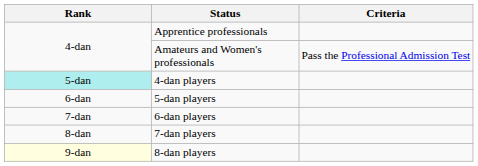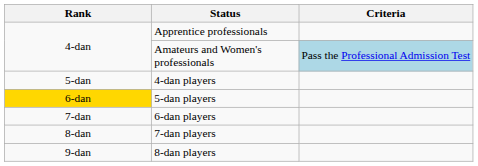 <table class="wikitable">
 <tr>
 <th scope="col" style="width: 200px;">Rank</th>
 <th style="width: 200px;">Status</th>
 <th>Criteria</th>
 </tr>
 <tr>
 <td rowspan="2" align=center>4-dan</td>
 <td>Apprentice professionals</td>
 <td></td>
 </tr>
 <tr>
 <td>Amateurs and Women's professionals</td>
-<td>Pass the <a href='#'>Professional Admission Test</a></td>
+<td style="background: lightblue;">Pass the <a href='#'>Professional Admission Test</a></td>
 </tr>
 <tr>
-<td align=center style="background: paleturquoise;">5-dan</td>
+<td align=center>5-dan</td>
 <td>4-dan players</td>
 <td></td>
 </tr>
 <tr>
-<td align=center>6-dan</td>
+<td align=center style="background: gold;">6-dan</td>
 <td>5-dan players</td>
 <td></td>
 </tr>
 <tr>
 <td align=center>7-dan</td>
 <td>6-dan players</td>
 <td></td>
 </tr>
 <tr>
 <td align=center>8-dan</td>
 <td>7-dan players</td>
 <td></td>
 </tr>
 <tr>
-<td align=center style="background: lightyellow;">9-dan</td>
+<td align=center>9-dan</td>
 <td>8-dan players</td>
 <td></td>
 </tr>
 </table>
